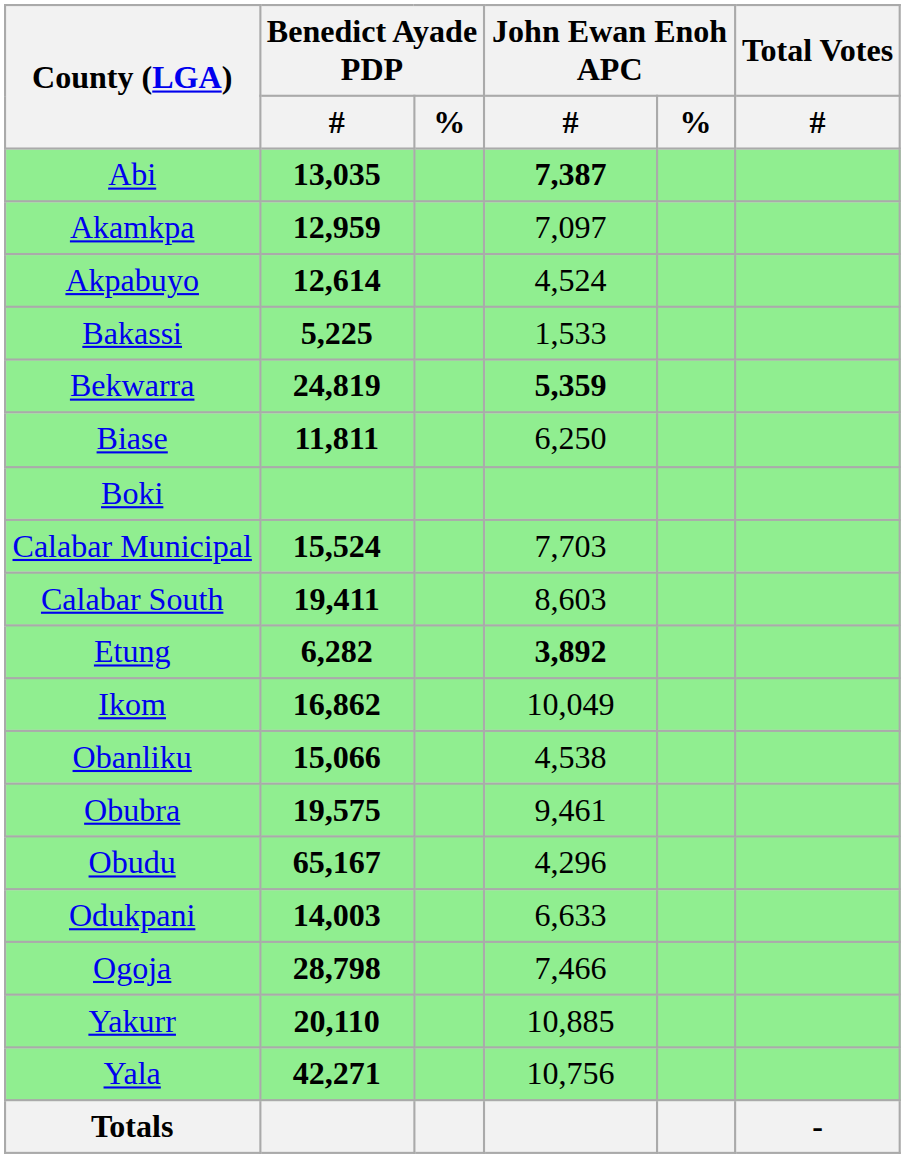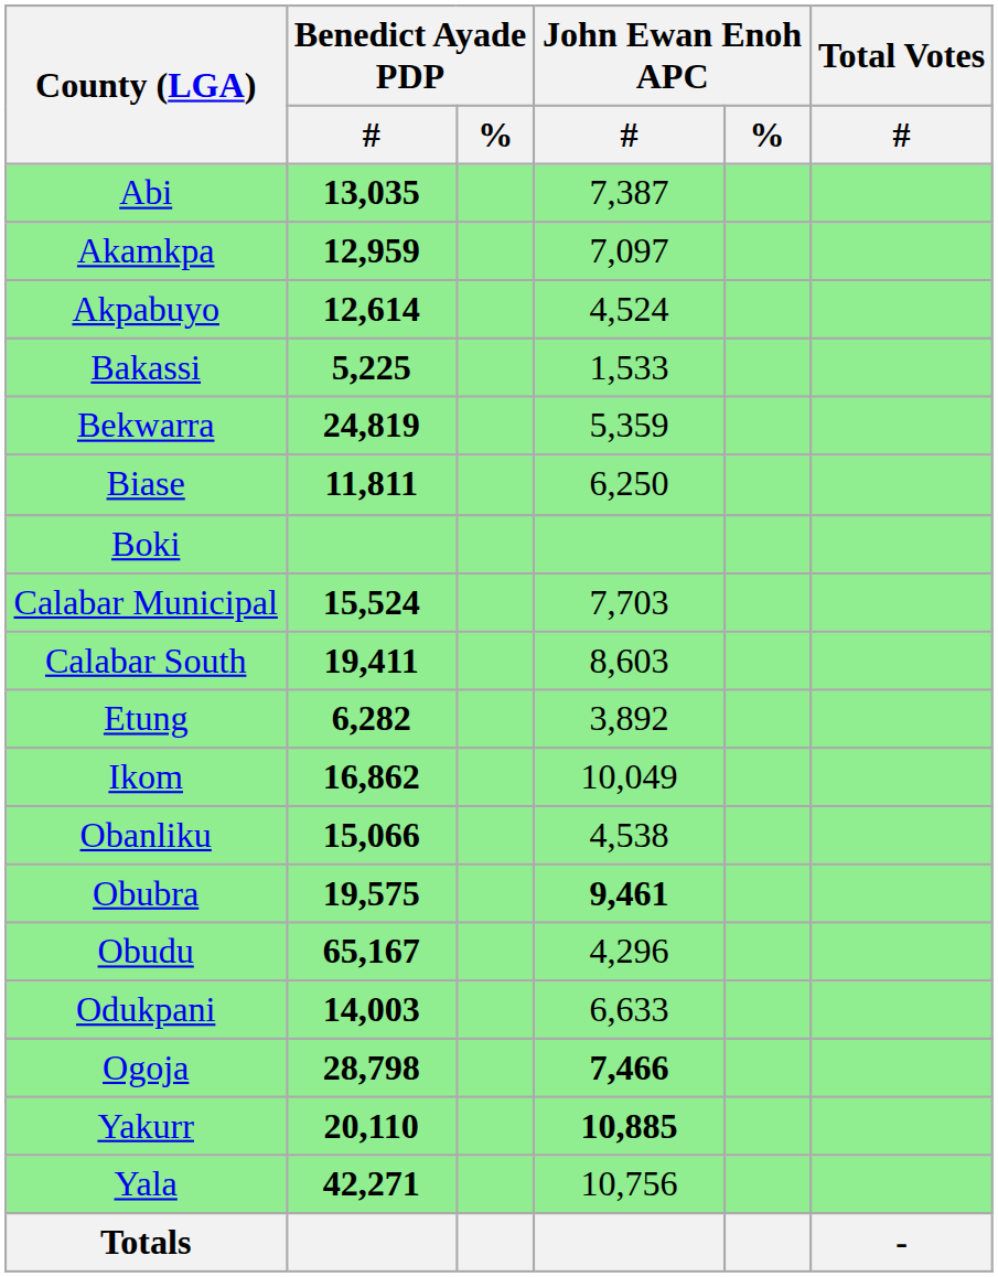 <table class="wikitable sortable" style=" font-size: 95%">
 <tr>
 <th rowspan="2">County (<a href='#'>LGA</a>)</th>
 <th colspan="2">Benedict Ayade<br>PDP</th>
 <th colspan="2">John Ewan Enoh<br>APC</th>
 <th>Total Votes</th>
 </tr>
 <tr>
 <th>#</th>
 <th>%</th>
 <th>#</th>
 <th>%</th>
 <th>#</th>
 </tr>
 <tr>
 <td bgcolor=#90EE90 align="center"><a href='#'>Abi</a></td>
 <td bgcolor=#90EE90 align="center"><strong>13,035</strong></td>
 <td bgcolor=#90EE90 align="center"></td>
-<td bgcolor=#90EE90 align="center"><strong>7,387</strong></td>
+<td bgcolor=#90EE90 align="center">7,387</td>
 <td bgcolor=#90EE90 align="center"></td>
 <td bgcolor=#90EE90 align="center"></td>
 </tr>
 <tr>
 <td bgcolor=#90EE90 align="center"><a href='#'>Akamkpa</a></td>
 <td bgcolor=#90EE90 align="center"><strong>12,959</strong></td>
 <td bgcolor=#90EE90 align="center"></td>
 <td bgcolor=#90EE90 align="center">7,097</td>
 <td bgcolor=#90EE90 align="center"></td>
 <td bgcolor=#90EE90 align="center"></td>
 </tr>
 <tr>
 <td bgcolor=#90EE90 align="center"><a href='#'>Akpabuyo</a></td>
 <td bgcolor=#90EE90 align="center"><strong>12,614</strong></td>
 <td bgcolor=#90EE90 align="center"></td>
 <td bgcolor=#90EE90 align="center">4,524</td>
 <td bgcolor=#90EE90 align="center"></td>
 <td bgcolor=#90EE90 align="center"></td>
 </tr>
 <tr>
 <td bgcolor=#90EE90 align="center"><a href='#'>Bakassi</a></td>
 <td bgcolor=#90EE90 align="center"><strong>5,225</strong></td>
 <td bgcolor=#90EE90 align="center"></td>
 <td bgcolor=#90EE90 align="center">1,533</td>
 <td bgcolor=#90EE90 align="center"></td>
 <td bgcolor=#90EE90 align="center"></td>
 </tr>
 <tr>
 <td bgcolor=#90EE90 align="center"><a href='#'>Bekwarra</a></td>
 <td bgcolor=#90EE90 align="center"><strong>24,819</strong></td>
 <td bgcolor=#90EE90 align="center"></td>
-<td bgcolor=#90EE90 align="center"><strong>5,359</strong></td>
+<td bgcolor=#90EE90 align="center">5,359</td>
 <td bgcolor=#90EE90 align="center"></td>
 <td bgcolor=#90EE90 align="center"></td>
 </tr>
 <tr>
 <td bgcolor=#90EE90 align="center"><a href='#'>Biase</a></td>
 <td bgcolor=#90EE90 align="center"><strong>11,811</strong></td>
 <td bgcolor=#90EE90 align="center"></td>
 <td bgcolor=#90EE90 align="center">6,250</td>
 <td bgcolor=#90EE90 align="center"></td>
 <td bgcolor=#90EE90 align="center"></td>
 </tr>
 <tr>
 <td bgcolor=#90EE90 align="center"><a href='#'>Boki</a></td>
 <td bgcolor=#90EE90 align="center"></td>
 <td bgcolor=#90EE90 align="center"></td>
 <td bgcolor=#90EE90 align="center"></td>
 <td bgcolor=#90EE90 align="center"></td>
 <td bgcolor=#90EE90 align="center"></td>
 </tr>
 <tr>
 <td bgcolor=#90EE90 align="center"><a href='#'>Calabar Municipal</a></td>
 <td bgcolor=#90EE90 align="center"><strong>15,524</strong></td>
 <td bgcolor=#90EE90 align="center"></td>
 <td bgcolor=#90EE90 align="center">7,703</td>
 <td bgcolor=#90EE90 align="center"></td>
 <td bgcolor=#90EE90 align="center"></td>
 </tr>
 <tr>
 <td bgcolor=#90EE90 align="center"><a href='#'>Calabar South</a></td>
 <td bgcolor=#90EE90 align="center"><strong>19,411</strong></td>
 <td bgcolor=#90EE90 align="center"></td>
 <td bgcolor=#90EE90 align="center">8,603</td>
 <td bgcolor=#90EE90 align="center"></td>
 <td bgcolor=#90EE90 align="center"></td>
 </tr>
 <tr>
 <td bgcolor=#90EE90 align="center"><a href='#'>Etung</a></td>
 <td bgcolor=#90EE90 align="center"><strong>6,282</strong></td>
 <td bgcolor=#90EE90 align="center"></td>
-<td bgcolor=#90EE90 align="center"><strong>3,892</strong></td>
+<td bgcolor=#90EE90 align="center">3,892</td>
 <td bgcolor=#90EE90 align="center"></td>
 <td bgcolor=#90EE90 align="center"></td>
 </tr>
 <tr>
 <td bgcolor=#90EE90 align="center"><a href='#'>Ikom</a></td>
 <td bgcolor=#90EE90 align="center"><strong>16,862</strong></td>
 <td bgcolor=#90EE90 align="center"></td>
 <td bgcolor=#90EE90 align="center">10,049</td>
 <td bgcolor=#90EE90 align="center"></td>
 <td bgcolor=#90EE90 align="center"></td>
 </tr>
 <tr>
 <td bgcolor=#90EE90 align="center"><a href='#'>Obanliku</a></td>
 <td bgcolor=#90EE90 align="center"><strong>15,066</strong></td>
 <td bgcolor=#90EE90 align="center"></td>
 <td bgcolor=#90EE90 align="center">4,538</td>
 <td bgcolor=#90EE90 align="center"></td>
 <td bgcolor=#90EE90 align="center"></td>
 </tr>
 <tr>
 <td bgcolor=#90EE90 align="center"><a href='#'>Obubra</a></td>
 <td bgcolor=#90EE90 align="center"><strong>19,575</strong></td>
 <td bgcolor=#90EE90 align="center"></td>
-<td bgcolor=#90EE90 align="center">9,461</td>
+<td bgcolor=#90EE90 align="center"><strong>9,461</strong></td>
 <td bgcolor=#90EE90 align="center"></td>
 <td bgcolor=#90EE90 align="center"></td>
 </tr>
 <tr>
 <td bgcolor=#90EE90 align="center"><a href='#'>Obudu</a></td>
 <td bgcolor=#90EE90 align="center"><strong>65,167</strong></td>
 <td bgcolor=#90EE90 align="center"></td>
 <td bgcolor=#90EE90 align="center">4,296</td>
 <td bgcolor=#90EE90 align="center"></td>
 <td bgcolor=#90EE90 align="center"></td>
 </tr>
 <tr>
 <td bgcolor=#90EE90 align="center"><a href='#'>Odukpani</a></td>
 <td bgcolor=#90EE90 align="center"><strong>14,003</strong></td>
 <td bgcolor=#90EE90 align="center"></td>
 <td bgcolor=#90EE90 align="center">6,633</td>
 <td bgcolor=#90EE90 align="center"></td>
 <td bgcolor=#90EE90 align="center"></td>
 </tr>
 <tr>
 <td bgcolor=#90EE90 align="center"><a href='#'>Ogoja</a></td>
 <td bgcolor=#90EE90 align="center"><strong>28,798</strong></td>
 <td bgcolor=#90EE90 align="center"></td>
-<td bgcolor=#90EE90 align="center">7,466</td>
+<td bgcolor=#90EE90 align="center"><strong>7,466</strong></td>
 <td bgcolor=#90EE90 align="center"></td>
 <td bgcolor=#90EE90 align="center"></td>
 </tr>
 <tr>
 <td bgcolor=#90EE90 align="center"><a href='#'>Yakurr</a></td>
 <td bgcolor=#90EE90 align="center"><strong>20,110</strong></td>
 <td bgcolor=#90EE90 align="center"></td>
-<td bgcolor=#90EE90 align="center">10,885</td>
+<td bgcolor=#90EE90 align="center"><strong>10,885</strong></td>
 <td bgcolor=#90EE90 align="center"></td>
 <td bgcolor=#90EE90 align="center"></td>
 </tr>
 <tr>
 <td bgcolor=#90EE90 align="center"><a href='#'>Yala</a></td>
 <td bgcolor=#90EE90 align="center"><strong>42,271</strong></td>
 <td bgcolor=#90EE90 align="center"></td>
 <td bgcolor=#90EE90 align="center">10,756</td>
 <td bgcolor=#90EE90 align="center"></td>
 <td bgcolor=#90EE90 align="center"></td>
 </tr>
 <tr>
 <th>Totals</th>
 <th></th>
 <th></th>
 <th></th>
 <th></th>
 <th>-</th>
 </tr>
 </table>
